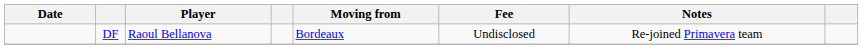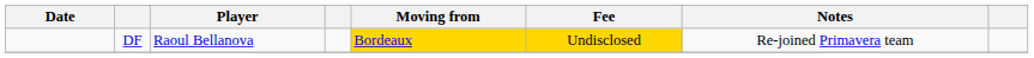 <table class="wikitable sortable">
 <tr>
 <th style="width:110px">Date</th>
 <th style="width:30px"></th>
 <th style="width:180px">Player</th>
 <th style="width:20px"></th>
 <th style="width:180px">Moving from</th>
 <th style="width:160px">Fee</th>
 <th style="width:320px" class="unsortable">Notes</th>
 <th style="width:35px"></th>
 </tr>
 <tr>
 <td></td>
 <td style="text-align:center"><a href='#'>DF</a></td>
 <td> <a href='#'>Raoul Bellanova</a></td>
 <td style="text-align:center"></td>
-<td> <a href='#'>Bordeaux</a></td>
-<td style="text-align:center">Undisclosed</td>
+<td style="background: gold;"> <a href='#'>Bordeaux</a></td>
+<td style="background: gold; text-align:center">Undisclosed</td>
 <td style="text-align:center">Re-joined <a href='#'>Primavera</a> team</td>
 <td></td>
 </tr>
 <tr>
 </tr>
 </table>
